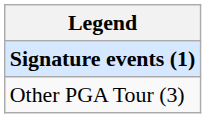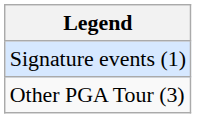 <table class="wikitable" style="font-size:95%;">
 <tr>
 <th>Legend</th>
 </tr>
 <tr style="background:#D6E8FF;">
-<td><strong>Signature events (1)</strong></td>
+<td>Signature events (1)</td>
 </tr>
 <tr>
 <td>Other PGA Tour (3)</td>
 </tr>
 </table>
